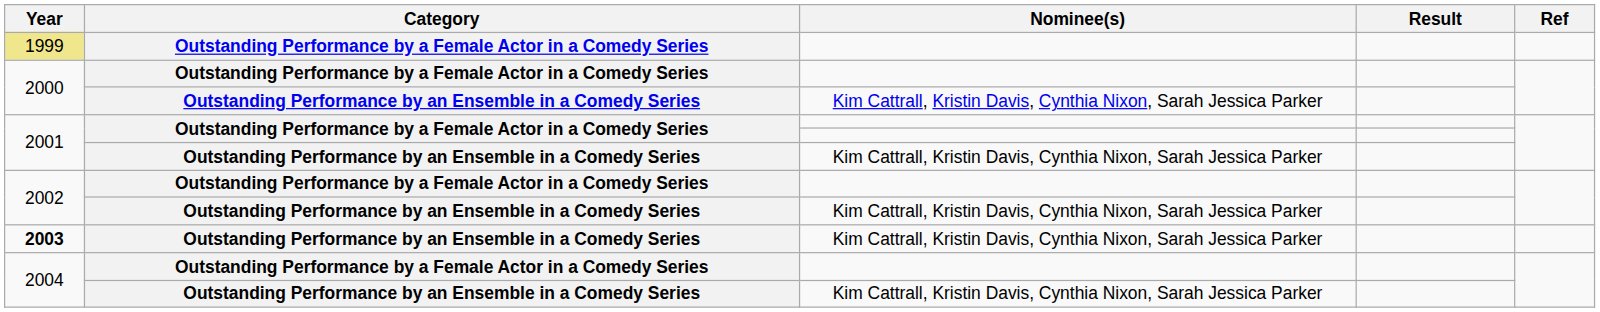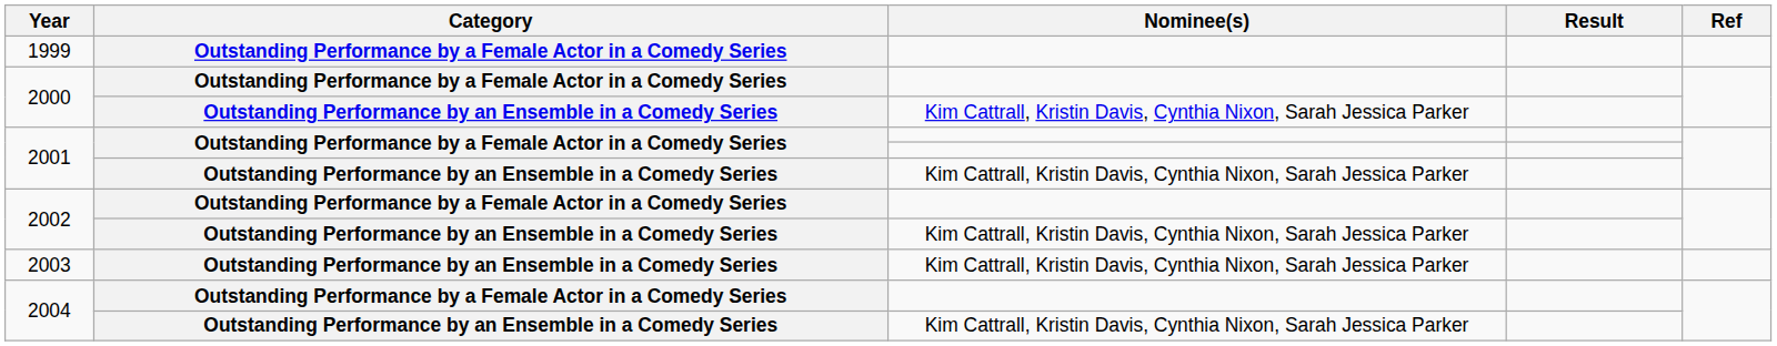 <table class="wikitable plainrowheaders" style="font-size: 90%; text-align:center" width=83%>
 <tr>
 <th scope="col" width="5%">Year</th>
 <th scope="col" width="45%">Category</th>
 <th scope="col" width="35%">Nominee(s)</th>
 <th scope="col" width="10%">Result</th>
 <th scope="col" width="5%">Ref</th>
 </tr>
 <tr>
-<td style="background: khaki;">1999</td>
+<td>1999</td>
 <th scope="row" style="text-align:center"><a href='#'>Outstanding Performance by a Female Actor in a Comedy Series</a></th>
 <td></td>
 <td></td>
 <td></td>
 </tr>
 <tr>
 <td rowspan="2">2000</td>
 <th scope="row" style="text-align:center">Outstanding Performance by a Female Actor in a Comedy Series</th>
 <td></td>
 <td></td>
 <td rowspan="2"></td>
 </tr>
 <tr>
 <th scope="row" style="text-align:center"><a href='#'>Outstanding Performance by an Ensemble in a Comedy Series</a></th>
 <td><a href='#'>Kim Cattrall</a>, <a href='#'>Kristin Davis</a>, <a href='#'>Cynthia Nixon</a>, Sarah Jessica Parker</td>
 <td></td>
 </tr>
 <tr>
 <td align=center rowspan="3">2001</td>
 <th scope="row" style="text-align:center" rowspan="2">Outstanding Performance by a Female Actor in a Comedy Series</th>
 <td></td>
 <td></td>
 <td rowspan="3"></td>
 </tr>
 <tr>
 <td></td>
 <td></td>
 </tr>
 <tr>
 <th scope="row" style="text-align:center">Outstanding Performance by an Ensemble in a Comedy Series</th>
 <td>Kim Cattrall, Kristin Davis, Cynthia Nixon, Sarah Jessica Parker</td>
 <td></td>
 </tr>
 <tr>
 <td rowspan="2">2002</td>
 <th scope="row" style="text-align:center">Outstanding Performance by a Female Actor in a Comedy Series</th>
 <td></td>
 <td></td>
 <td rowspan="2"></td>
 </tr>
 <tr>
 <th scope="row" style="text-align:center">Outstanding Performance by an Ensemble in a Comedy Series</th>
 <td>Kim Cattrall, Kristin Davis, Cynthia Nixon, Sarah Jessica Parker</td>
 <td></td>
 </tr>
 <tr>
-<td><strong>2003</strong></td>
+<td>2003</td>
 <th scope="row" style="text-align:center">Outstanding Performance by an Ensemble in a Comedy Series</th>
 <td>Kim Cattrall, Kristin Davis, Cynthia Nixon, Sarah Jessica Parker</td>
 <td></td>
 <td></td>
 </tr>
 <tr>
 <td rowspan="2">2004</td>
 <th scope="row" style="text-align:center">Outstanding Performance by a Female Actor in a Comedy Series</th>
 <td></td>
 <td></td>
 <td rowspan="2"></td>
 </tr>
 <tr>
 <th scope="row" style="text-align:center">Outstanding Performance by an Ensemble in a Comedy Series</th>
 <td>Kim Cattrall, Kristin Davis, Cynthia Nixon, Sarah Jessica Parker</td>
 <td></td>
 </tr>
 </table>
